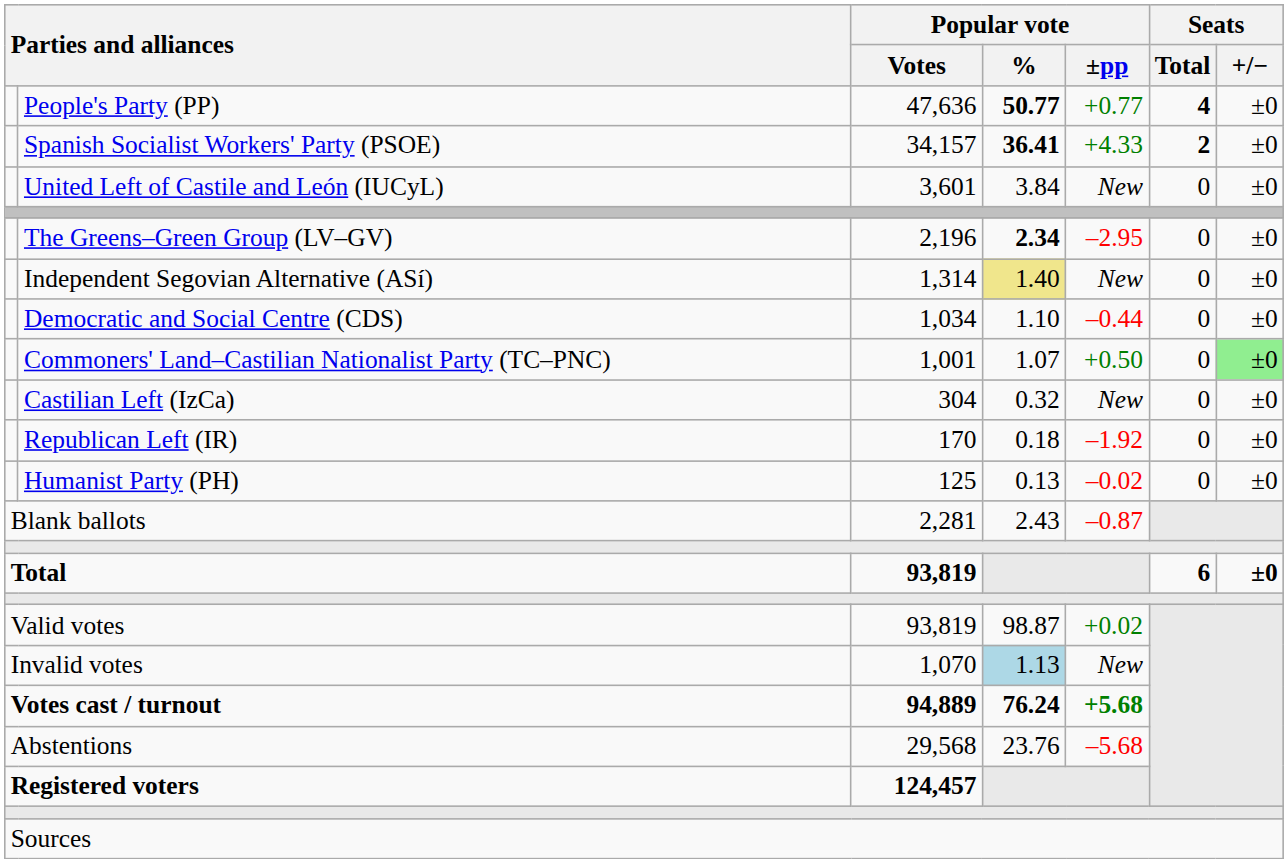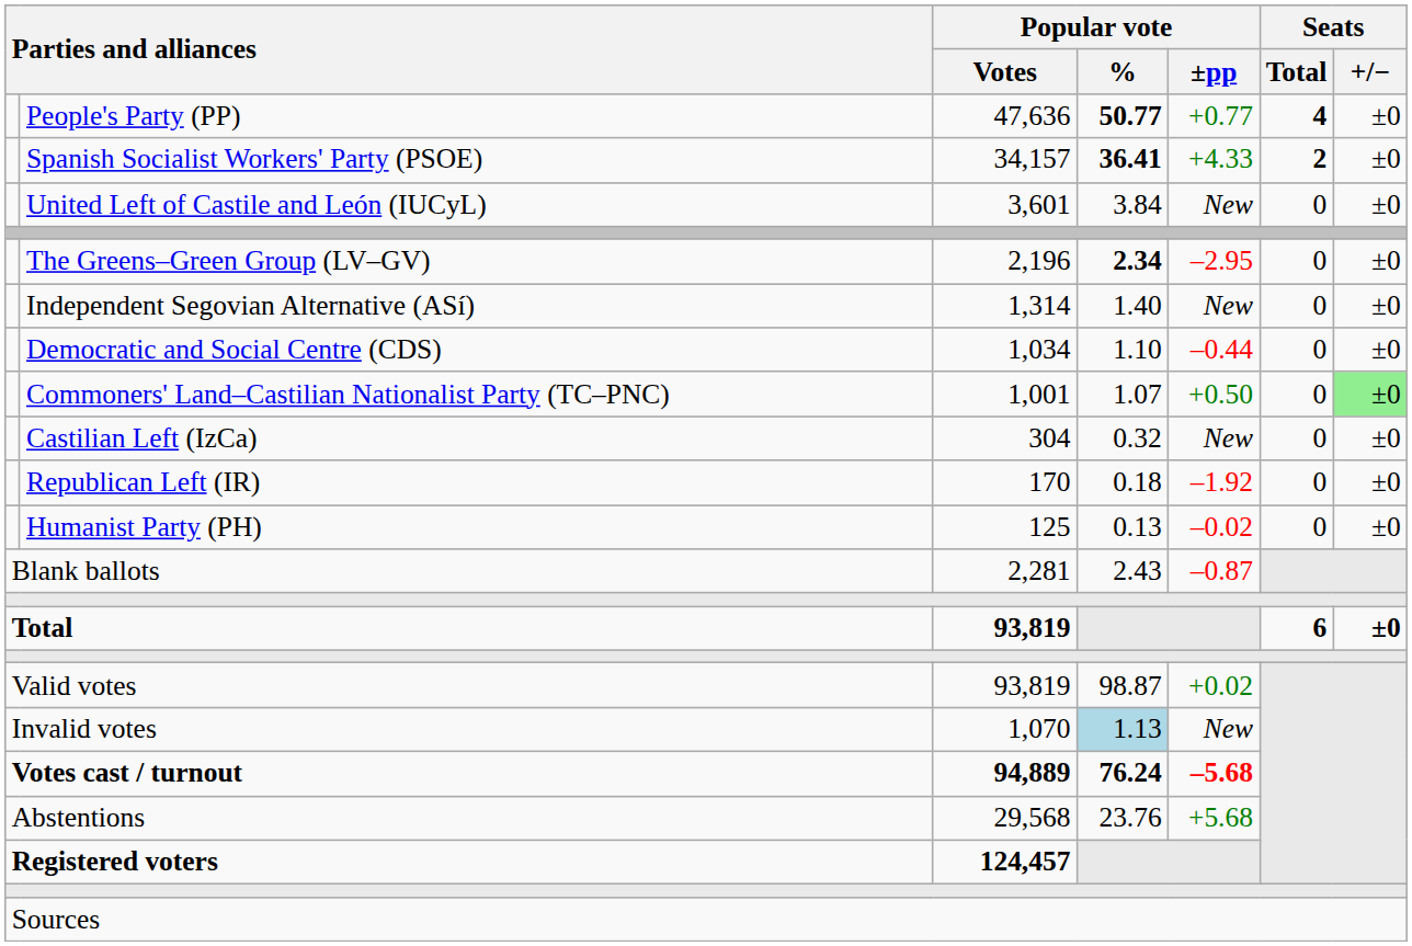 <table class="wikitable" style="text-align:right;">
 <tr>
 <th style="text-align:left;" rowspan="2" colspan="2" width="525">Parties and alliances</th>
 <th colspan="3">Popular vote</th>
 <th colspan="2">Seats</th>
 </tr>
 <tr>
 <th width="75">Votes</th>
 <th width="45">%</th>
 <th width="45">±<a href='#'>pp</a></th>
 <th width="35">Total</th>
 <th width="35">+/−</th>
 </tr>
 <tr>
 <td width="1" style="color:inherit;background:"></td>
 <td align="left"><a href='#'>People's Party</a> (PP)</td>
 <td>47,636</td>
 <td><strong>50.77</strong></td>
 <td style="color:green;">+0.77</td>
 <td><strong>4</strong></td>
 <td>±0</td>
 </tr>
 <tr>
 <td style="color:inherit;background:"></td>
 <td align="left"><a href='#'>Spanish Socialist Workers' Party</a> (PSOE)</td>
 <td>34,157</td>
 <td><strong>36.41</strong></td>
 <td style="color:green;">+4.33</td>
 <td><strong>2</strong></td>
 <td>±0</td>
 </tr>
 <tr>
 <td style="color:inherit;background:"></td>
 <td align="left"><a href='#'>United Left of Castile and León</a> (IUCyL)</td>
 <td>3,601</td>
 <td>3.84</td>
 <td><em>New</em></td>
 <td>0</td>
 <td>±0</td>
 </tr>
 <tr>
 <td colspan="7" bgcolor="#C0C0C0"></td>
 </tr>
 <tr>
 <td style="color:inherit;background:"></td>
 <td align="left"><a href='#'>The Greens–Green Group</a> (LV–GV)</td>
 <td>2,196</td>
 <td><strong>2.34</strong></td>
 <td style="color:red;">–2.95</td>
 <td>0</td>
 <td>±0</td>
 </tr>
 <tr>
 <td style="color:inherit;background:"></td>
 <td align="left">Independent Segovian Alternative (ASí)</td>
 <td>1,314</td>
-<td style="background: khaki;">1.40</td>
+<td>1.40</td>
 <td><em>New</em></td>
 <td>0</td>
 <td>±0</td>
 </tr>
 <tr>
 <td style="color:inherit;background:"></td>
 <td align="left"><a href='#'>Democratic and Social Centre</a> (CDS)</td>
 <td>1,034</td>
 <td>1.10</td>
 <td style="color:red;">–0.44</td>
 <td>0</td>
 <td>±0</td>
 </tr>
 <tr>
 <td style="color:inherit;background:"></td>
 <td align="left"><a href='#'>Commoners' Land–Castilian Nationalist Party</a> (TC–PNC)</td>
 <td>1,001</td>
 <td>1.07</td>
 <td style="color:green;">+0.50</td>
 <td>0</td>
 <td style="background: lightgreen;">±0</td>
 </tr>
 <tr>
 <td style="color:inherit;background:"></td>
 <td align="left"><a href='#'>Castilian Left</a> (IzCa)</td>
 <td>304</td>
 <td>0.32</td>
 <td><em>New</em></td>
 <td>0</td>
 <td>±0</td>
 </tr>
 <tr>
 <td style="color:inherit;background:"></td>
 <td align="left"><a href='#'>Republican Left</a> (IR)</td>
 <td>170</td>
 <td>0.18</td>
 <td style="color:red;">–1.92</td>
 <td>0</td>
 <td>±0</td>
 </tr>
 <tr>
 <td style="color:inherit;background:"></td>
 <td align="left"><a href='#'>Humanist Party</a> (PH)</td>
 <td>125</td>
 <td>0.13</td>
 <td style="color:red;">–0.02</td>
 <td>0</td>
 <td>±0</td>
 </tr>
 <tr>
 <td align="left" colspan="2">Blank ballots</td>
 <td>2,281</td>
 <td>2.43</td>
 <td style="color:red;">–0.87</td>
 <td bgcolor="#E9E9E9" colspan="2"></td>
 </tr>
 <tr>
 <td colspan="7" bgcolor="#E9E9E9"></td>
 </tr>
 <tr style="font-weight:bold;">
 <td align="left" colspan="2">Total</td>
 <td>93,819</td>
 <td bgcolor="#E9E9E9" colspan="2"></td>
 <td>6</td>
 <td>±0</td>
 </tr>
 <tr>
 <td colspan="7" bgcolor="#E9E9E9"></td>
 </tr>
 <tr>
 <td align="left" colspan="2">Valid votes</td>
 <td>93,819</td>
 <td>98.87</td>
 <td style="color:green;">+0.02</td>
 <td bgcolor="#E9E9E9" colspan="2" rowspan="5"></td>
 </tr>
 <tr>
 <td align="left" colspan="2">Invalid votes</td>
 <td>1,070</td>
 <td style="background: lightblue;">1.13</td>
 <td><em>New</em></td>
 </tr>
 <tr style="font-weight:bold;">
 <td align="left" colspan="2">Votes cast / turnout</td>
 <td>94,889</td>
 <td>76.24</td>
-<td style="color:green;">+5.68</td>
+<td style="color:red;">–5.68</td>
 </tr>
 <tr>
 <td align="left" colspan="2">Abstentions</td>
 <td>29,568</td>
 <td>23.76</td>
-<td style="color:red;">–5.68</td>
+<td style="color:green;">+5.68</td>
 </tr>
 <tr style="font-weight:bold;">
 <td align="left" colspan="2">Registered voters</td>
 <td>124,457</td>
 <td bgcolor="#E9E9E9" colspan="2"></td>
 </tr>
 <tr>
 <td colspan="7" bgcolor="#E9E9E9"></td>
 </tr>
 <tr>
 <td align="left" colspan="7">Sources</td>
 </tr>
 </table>
